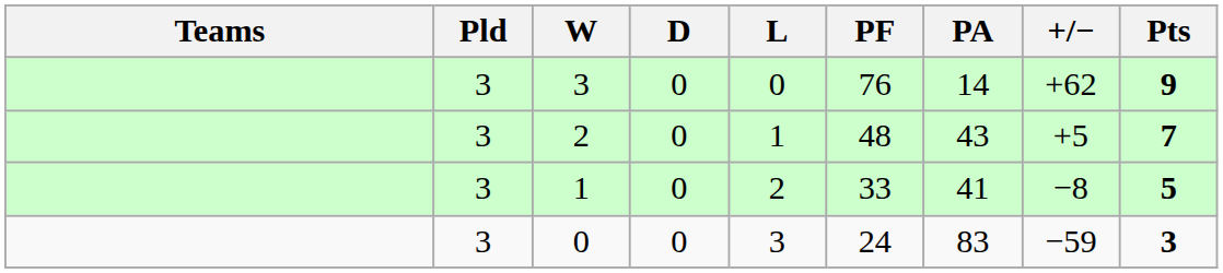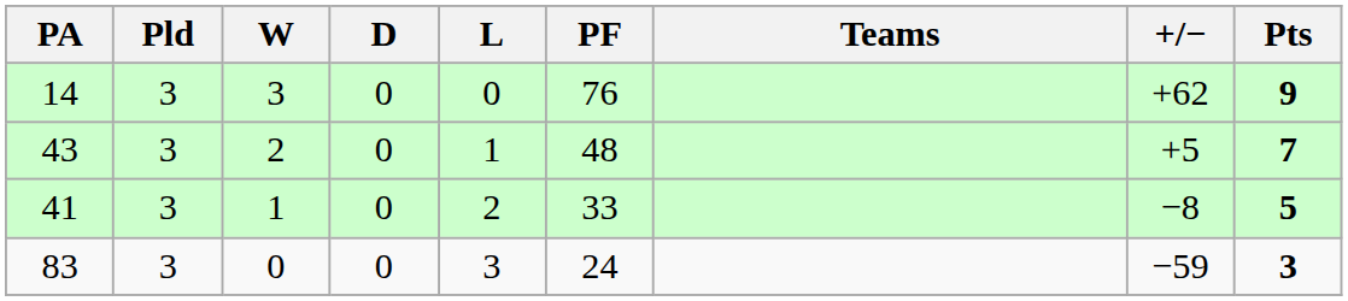 <table class="wikitable" style="text-align: center;">
 <tr>
-<th width="200">Teams</th>
+<th width="40">PA</th>
 <th width="40">Pld</th>
 <th width="40">W</th>
 <th width="40">D</th>
 <th width="40">L</th>
 <th width="40">PF</th>
-<th width="40">PA</th>
+<th width="200">Teams</th>
 <th width="40">+/−</th>
 <th width="40">Pts</th>
 </tr>
 <tr bgcolor=ccffcc>
-<td align=left></td>
+<td>14</td>
 <td>3</td>
 <td>3</td>
 <td>0</td>
 <td>0</td>
 <td>76</td>
-<td>14</td>
+<td align=left></td>
 <td>+62</td>
 <td><strong>9</strong></td>
 </tr>
 <tr bgcolor=ccffcc>
-<td align=left></td>
+<td>43</td>
 <td>3</td>
 <td>2</td>
 <td>0</td>
 <td>1</td>
 <td>48</td>
-<td>43</td>
+<td align=left></td>
 <td>+5</td>
 <td><strong>7</strong></td>
 </tr>
 <tr bgcolor=ccffcc>
-<td align=left></td>
+<td>41</td>
 <td>3</td>
 <td>1</td>
 <td>0</td>
 <td>2</td>
 <td>33</td>
-<td>41</td>
+<td align=left></td>
 <td>−8</td>
 <td><strong>5</strong></td>
 </tr>
 <tr>
-<td align=left></td>
+<td>83</td>
 <td>3</td>
 <td>0</td>
 <td>0</td>
 <td>3</td>
 <td>24</td>
-<td>83</td>
+<td align=left></td>
 <td>−59</td>
 <td><strong>3</strong></td>
 </tr>
 </table>
